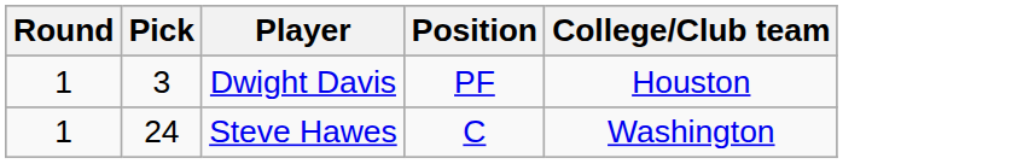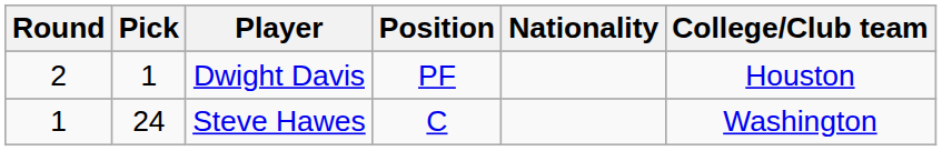 <table class="wikitable sortable sortable">
 <tr>
 <th>Round</th>
 <th>Pick</th>
 <th>Player</th>
 <th>Position</th>
+<th>Nationality</th>
 <th>College/Club team</th>
 </tr>
 <tr style="text-align: center">
+<td>2</td>
 <td>1</td>
-<td>3</td>
 <td><a href='#'>Dwight Davis</a></td>
 <td><a href='#'>PF</a></td>
+<td></td>
 <td><a href='#'>Houston</a></td>
 </tr>
 <tr style="text-align: center">
 <td>1</td>
 <td>24</td>
 <td><a href='#'>Steve Hawes</a></td>
 <td><a href='#'>C</a></td>
+<td></td>
 <td><a href='#'>Washington</a></td>
 </tr>
 </table>
